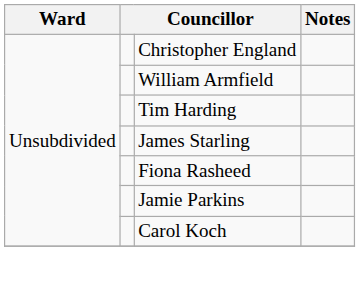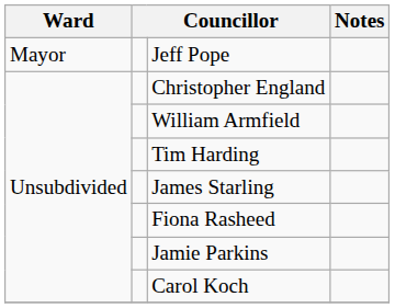 <table class="wikitable">
 <tr>
 <th>Ward</th>
 <th colspan="2">Councillor</th>
 <th>Notes</th>
+</tr>
+<tr>
+<td rowspan="1">Mayor </td>
+<td> </td>
+<td>Jeff Pope</td>
+<td></td>
 </tr>
 <tr>
 <td rowspan="7">Unsubdivided </td>
 <td> </td>
 <td>Christopher England</td>
 <td></td>
 </tr>
 <tr>
 <td> </td>
 <td>William Armfield</td>
 <td></td>
 </tr>
 <tr>
 <td> </td>
 <td>Tim Harding</td>
 <td></td>
 </tr>
 <tr>
 <td> </td>
 <td>James Starling</td>
 <td></td>
 </tr>
 <tr>
 <td> </td>
 <td>Fiona Rasheed</td>
 <td></td>
 </tr>
 <tr>
 <td> </td>
 <td>Jamie Parkins</td>
 <td></td>
 </tr>
 <tr>
 <td> </td>
 <td>Carol Koch</td>
 <td></td>
 </tr>
 <tr>
 </tr>
 </table>
